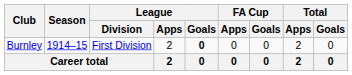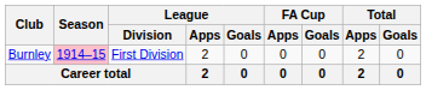 <table class="wikitable" style="text-align: center">
 <tr>
 <th rowspan="2">Club</th>
 <th rowspan="2">Season</th>
 <th colspan="3">League</th>
 <th colspan="2">FA Cup</th>
 <th colspan="2">Total</th>
 </tr>
 <tr>
 <th>Division</th>
 <th>Apps</th>
 <th>Goals</th>
 <th>Apps</th>
 <th>Goals</th>
 <th>Apps</th>
 <th>Goals</th>
 </tr>
 <tr>
 <td><a href='#'>Burnley</a></td>
-<td><a href='#'>1914–15</a></td>
+<td style="background: pink;"><a href='#'>1914–15</a></td>
 <td><a href='#'>First Division</a></td>
 <td>2</td>
-<td><strong>0</strong></td>
+<td>0</td>
 <td>0</td>
 <td>0</td>
 <td>2</td>
 <td>0</td>
 </tr>
 <tr>
 <th colspan="3">Career total</th>
 <th>2</th>
 <th>0</th>
 <th>0</th>
 <th>0</th>
 <th>2</th>
 <th>0</th>
 </tr>
 </table>
